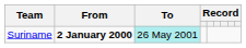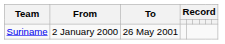 <table class="wikitable" style="text-align: center">
 <tr>
 <th rowspan=2>Team</th>
 <th rowspan=2>From</th>
 <th rowspan=2>To</th>
 <th colspan=6>Record</th>
 </tr>
 <tr>
 <th></th>
 <th></th>
 <th></th>
 <th></th>
 <th></th>
 <th></th>
 </tr>
 <tr>
 <td><a href='#'>Suriname</a></td>
-<td><strong>2 January 2000</strong></td>
-<td style="background: paleturquoise;">26 May 2001<br></td>
+<td>2 January 2000</td>
+<td>26 May 2001<br></td>
 <td></td>
 </tr>
 </table>
